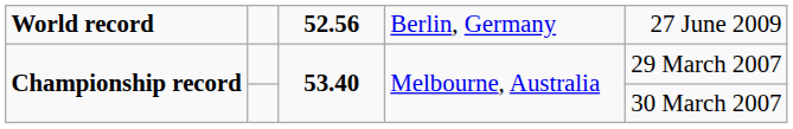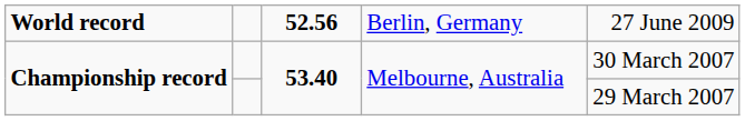 <table class="wikitable">
 <tr>
 <td><strong>World record</strong></td>
 <td style="padding-right:1em"></td>
 <td style="text-align:center;padding-left:1em; padding-right:1em;"><strong>52.56</strong></td>
 <td style="padding-right:1em"><a href='#'>Berlin</a>, <a href='#'>Germany</a></td>
 <td align=right>27 June 2009</td>
 </tr>
 <tr>
 <td rowspan="2"><strong>Championship record</strong></td>
 <td style="padding-right:1em"></td>
 <td rowspan="2" style="text-align:center;padding-left:1em; padding-right:1em;"><strong>53.40</strong></td>
 <td rowspan="2" style="padding-right:1em"><a href='#'>Melbourne</a>, <a href='#'>Australia</a></td>
-<td align=right>29 March 2007</td>
+<td align="right">30 March 2007</td>
 </tr>
 <tr>
 <td style="padding-right:1em"></td>
-<td align="right">30 March 2007</td>
+<td align=right>29 March 2007</td>
 </tr>
 </table>
